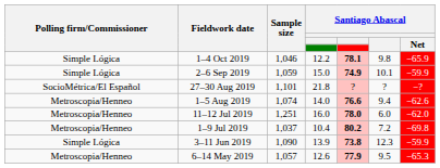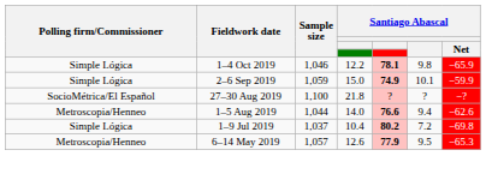 <table class="wikitable collapsible collapsed" style="text-align:center; font-size:90%; line-height:14px;">
 <tr style="height:42px;">
 <th style="width:250px;" rowspan="4">Polling firm/Commissioner</th>
 <th style="width:125px;" rowspan="4">Fieldwork date</th>
 <th style="width:50px;" rowspan="4">Sample size</th>
 <th style="width:185px;" colspan="4"><a href='#'>Santiago Abascal</a><br></th>
 </tr>
 <tr>
 <th colspan="4" style="background:"></th>
 </tr>
 <tr>
 <th style="width:30px;"></th>
 <th style="width:30px;"></th>
 <th style="width:30px;" rowspan="2"></th>
 <th style="width:30px;" rowspan="2">Net</th>
 </tr>
 <tr>
 <th style="color:inherit;background:#008000;"></th>
 <th style="color:inherit;background:#FF0000;"></th>
 </tr>
 <tr>
 <td>Simple Lógica</td>
 <td>1–4 Oct 2019</td>
 <td>1,046</td>
 <td>12.2</td>
 <td style="background:#FFC2C1;"><strong>78.1</strong></td>
 <td>9.8</td>
 <td style="background:#FF0000; color:white;">−65.9</td>
 </tr>
 <tr>
 <td>Simple Lógica</td>
 <td>2–6 Sep 2019</td>
 <td>1,059</td>
 <td>15.0</td>
 <td style="background:#FFC2C1;"><strong>74.9</strong></td>
 <td>10.1</td>
 <td style="background:#FF0000; color:white;">−59.9</td>
 </tr>
 <tr>
 <td>SocioMétrica/El Español</td>
 <td>27–30 Aug 2019</td>
-<td>1,101</td>
+<td>1,100</td>
 <td>21.8</td>
 <td style="background:#FFC2C1;">?</td>
 <td>?</td>
 <td style="background:#FF0000; color:white;">−?</td>
 </tr>
 <tr>
 <td>Metroscopia/Henneo</td>
 <td>1–5 Aug 2019</td>
-<td>1,074</td>
+<td>1,044</td>
 <td>14.0</td>
 <td style="background:#FFC2C1;"><strong>76.6</strong></td>
 <td>9.4</td>
 <td style="background:#FF0000; color:white;">−62.6</td>
 </tr>
 <tr>
-<td>Metroscopia/Henneo</td>
-<td>11–12 Jul 2019</td>
-<td>1,251</td>
-<td>16.0</td>
-<td style="background:#FFC2C1;"><strong>78.0</strong></td>
-<td>6.0</td>
-<td style="background:#FF0000; color:white;">−62.0</td>
-</tr>
-<tr>
-<td>Metroscopia/Henneo</td>
+<td>Simple Lógica</td>
 <td>1–9 Jul 2019</td>
 <td>1,037</td>
 <td>10.4</td>
 <td style="background:#FFC2C1;"><strong>80.2</strong></td>
 <td>7.2</td>
 <td style="background:#FF0000; color:white;">−69.8</td>
-</tr>
-<tr>
-<td>Simple Lógica</td>
-<td>3–11 Jun 2019</td>
-<td>1,090</td>
-<td>13.9</td>
-<td style="background:#FFC2C1;"><strong>73.8</strong></td>
-<td>12.3</td>
-<td style="background:#FF0000; color:white;">−59.9</td>
 </tr>
 <tr>
 <td>Metroscopia/Henneo</td>
 <td>6–14 May 2019</td>
 <td>1,057</td>
 <td>12.6</td>
 <td style="background:#FFC2C1;"><strong>77.9</strong></td>
 <td>9.5</td>
 <td style="background:#FF0000; color:white;">−65.3</td>
 </tr>
 </table>
